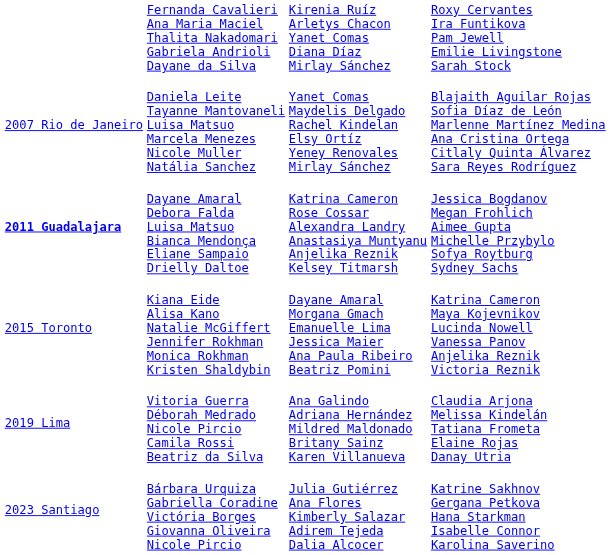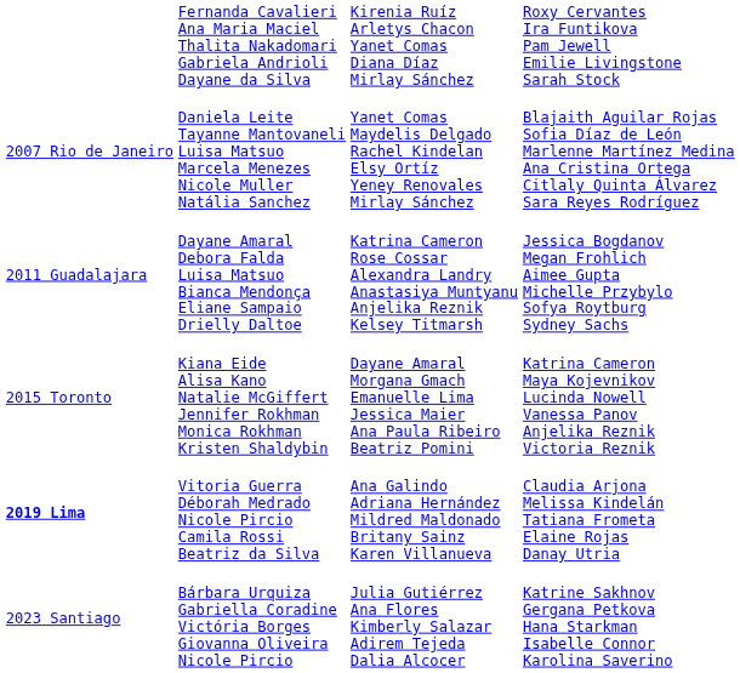 <table>
 <tr>
 <td></td>
 <td><br><a href='#'>Fernanda Cavalieri</a><br><a href='#'>Ana Maria Maciel</a><br><a href='#'>Thalita Nakadomari</a><br><a href='#'>Gabriela Andrioli</a><br><a href='#'>Dayane da Silva</a></td>
 <td><br><a href='#'>Kirenia Ruíz</a><br><a href='#'>Arletys Chacon</a><br><a href='#'>Yanet Comas</a><br><a href='#'>Diana Díaz</a><br><a href='#'>Mirlay Sánchez</a></td>
 <td><br><a href='#'>Roxy Cervantes</a><br><a href='#'>Ira Funtikova</a><br><a href='#'>Pam Jewell</a><br><a href='#'>Emilie Livingstone</a><br><a href='#'>Sarah Stock</a></td>
 </tr>
 <tr>
 <td><a href='#'>2007 Rio de Janeiro</a></td>
 <td><br><a href='#'>Daniela Leite</a><br> <a href='#'>Tayanne Mantovaneli</a><br> <a href='#'>Luisa Matsuo</a><br> <a href='#'>Marcela Menezes</a><br> <a href='#'>Nicole Muller</a><br> <a href='#'>Natália Sanchez</a></td>
 <td><br><a href='#'>Yanet Comas</a><br> <a href='#'>Maydelis Delgado</a><br> <a href='#'>Rachel Kindelan</a><br> <a href='#'>Elsy Ortíz</a><br> <a href='#'>Yeney Renovales</a><br> <a href='#'>Mirlay Sánchez</a></td>
 <td><br><a href='#'>Blajaith Aguilar Rojas</a><br> <a href='#'>Sofia Díaz de León</a><br> <a href='#'>Marlenne Martínez Medina</a><br> <a href='#'>Ana Cristina Ortega</a><br> <a href='#'>Citlaly Quinta Álvarez</a><br> <a href='#'>Sara Reyes Rodríguez</a></td>
 </tr>
 <tr>
-<td><strong><a href='#'>2011 Guadalajara</a></strong></td>
+<td><a href='#'>2011 Guadalajara</a></td>
 <td><br><a href='#'>Dayane Amaral</a><br><a href='#'>Debora Falda</a><br><a href='#'>Luisa Matsuo</a><br><a href='#'>Bianca Mendonça</a><br><a href='#'>Eliane Sampaio</a><br><a href='#'>Drielly Daltoe</a></td>
 <td><br><a href='#'>Katrina Cameron</a><br><a href='#'>Rose Cossar</a><br><a href='#'>Alexandra Landry</a><br><a href='#'>Anastasiya Muntyanu</a><br><a href='#'>Anjelika Reznik</a><br><a href='#'>Kelsey Titmarsh</a></td>
 <td><br><a href='#'>Jessica Bogdanov</a><br><a href='#'>Megan Frohlich</a><br><a href='#'>Aimee Gupta</a><br><a href='#'>Michelle Przybylo</a><br><a href='#'>Sofya Roytburg</a><br><a href='#'>Sydney Sachs</a></td>
 </tr>
 <tr>
 <td><a href='#'>2015 Toronto</a></td>
 <td><br><a href='#'>Kiana Eide</a><br><a href='#'>Alisa Kano</a><br><a href='#'>Natalie McGiffert</a><br><a href='#'>Jennifer Rokhman</a><br><a href='#'>Monica Rokhman</a><br><a href='#'>Kristen Shaldybin</a></td>
 <td><br><a href='#'>Dayane Amaral</a><br><a href='#'>Morgana Gmach</a><br><a href='#'>Emanuelle Lima</a><br><a href='#'>Jessica Maier</a><br><a href='#'>Ana Paula Ribeiro</a><br><a href='#'>Beatriz Pomini</a></td>
 <td><br><a href='#'>Katrina Cameron</a><br><a href='#'>Maya Kojevnikov</a><br><a href='#'>Lucinda Nowell</a><br><a href='#'>Vanessa Panov</a><br><a href='#'>Anjelika Reznik</a><br><a href='#'>Victoria Reznik</a></td>
 </tr>
 <tr>
-<td><a href='#'>2019 Lima</a></td>
+<td><strong><a href='#'>2019 Lima</a></strong></td>
 <td><br><a href='#'>Vitoria Guerra</a><br><a href='#'>Déborah Medrado</a><br><a href='#'>Nicole Pircio</a><br><a href='#'>Camila Rossi</a><br><a href='#'>Beatriz da Silva</a></td>
 <td><br><a href='#'>Ana Galindo</a><br><a href='#'>Adriana Hernández</a><br><a href='#'>Mildred Maldonado</a><br><a href='#'>Britany Sainz</a><br><a href='#'>Karen Villanueva</a></td>
 <td><br><a href='#'>Claudia Arjona</a><br><a href='#'>Melissa Kindelán</a><br><a href='#'>Tatiana Frometa</a><br><a href='#'>Elaine Rojas</a><br><a href='#'>Danay Utria</a></td>
 </tr>
 <tr>
 <td><a href='#'>2023 Santiago</a></td>
 <td><br><a href='#'>Bárbara Urquiza</a><br><a href='#'>Gabriella Coradine</a><br><a href='#'>Victória Borges</a><br><a href='#'>Giovanna Oliveira</a><br><a href='#'>Nicole Pircio</a></td>
 <td><br><a href='#'>Julia Gutiérrez</a><br><a href='#'>Ana Flores</a><br><a href='#'>Kimberly Salazar</a><br><a href='#'>Adirem Tejeda</a><br><a href='#'>Dalia Alcocer</a></td>
 <td><br><a href='#'>Katrine Sakhnov</a><br><a href='#'>Gergana Petkova</a><br><a href='#'>Hana Starkman</a><br><a href='#'>Isabelle Connor</a><br><a href='#'>Karolina Saverino</a></td>
 </tr>
 </table>
